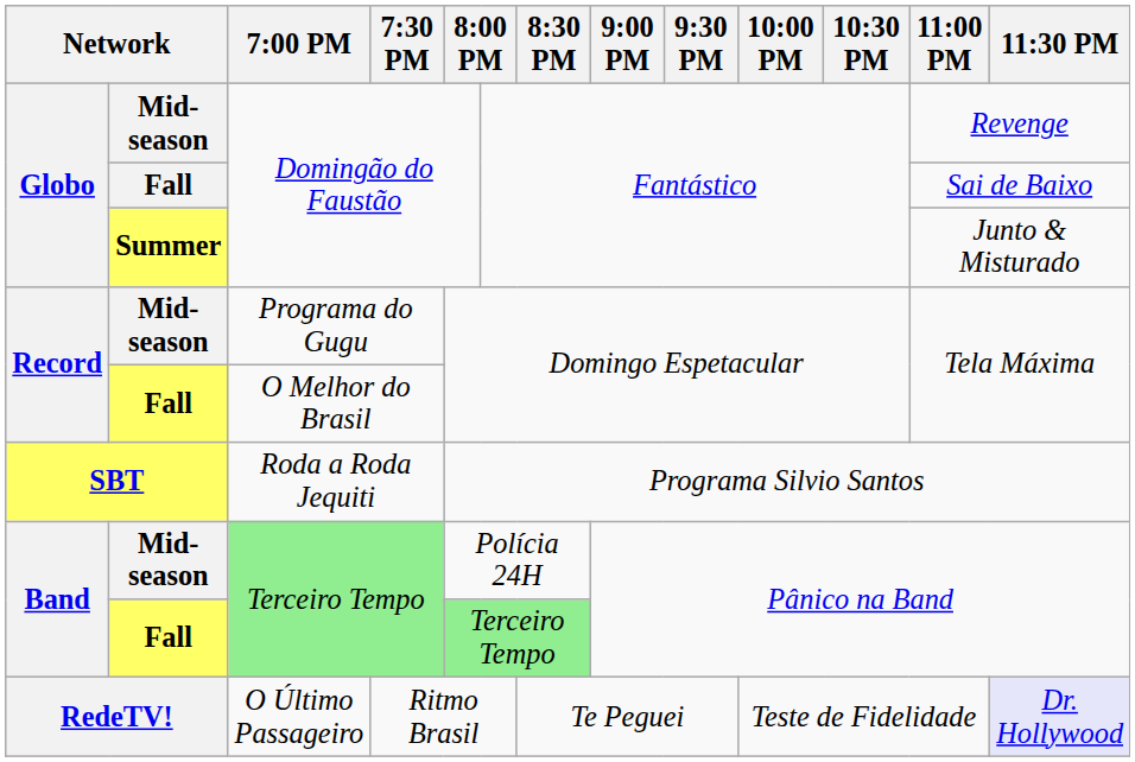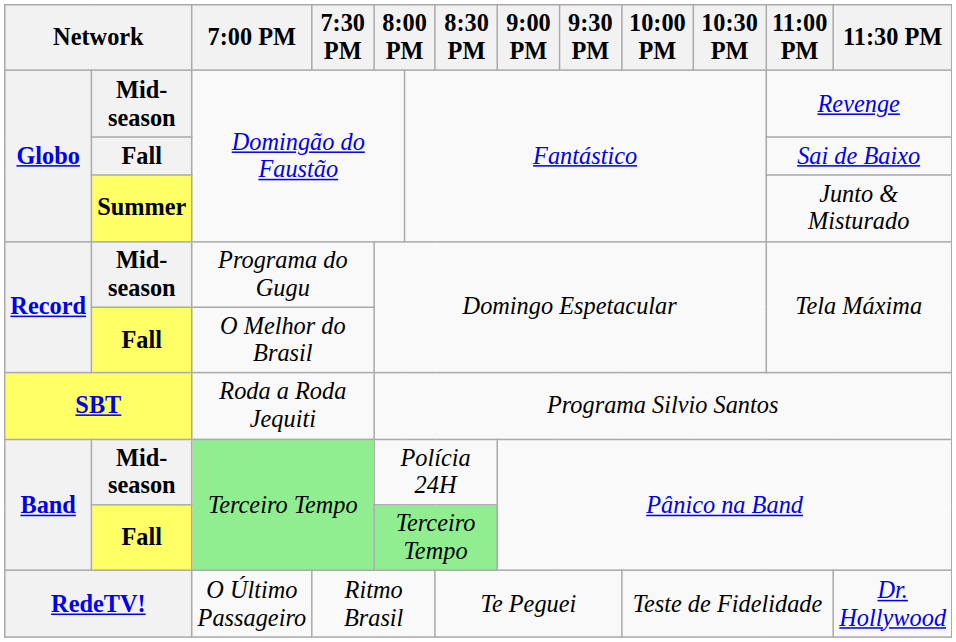 <table class="wikitable" style="width:100%;margin-right:0;text-align:center">
 <tr>
 <th colspan="2" style="width:12%;">Network</th>
 <th style="width:10%;">7:00 PM</th>
 <th style="width:10%;">7:30 PM</th>
 <th colspan="2" ! style="width:10%;">8:00 PM</th>
 <th style="width:10%;">8:30 PM</th>
 <th style="width:10%;">9:00 PM</th>
 <th style="width:10%;">9:30 PM</th>
 <th style="width:10%;">10:00 PM</th>
 <th style="width:10%;">10:30 PM</th>
 <th style="width:10%;">11:00 PM</th>
 <th style="width:10%;">11:30 PM</th>
 </tr>
 <tr>
 <th rowspan="3"><a href='#'>Globo</a></th>
 <th>Mid-season</th>
 <td colspan="3" rowspan="3"><em><a href='#'>Domingão do Faustão</a></em></td>
 <td colspan="6" rowspan="3"><em><a href='#'>Fantástico</a></em></td>
 <td colspan="2"><em><a href='#'>Revenge</a></em></td>
 </tr>
 <tr>
 <th>Fall</th>
 <td colspan="2"><em><a href='#'>Sai de Baixo</a></em></td>
 </tr>
 <tr>
 <th style="background:#FFFF66;">Summer</th>
 <td colspan="2"><em>Junto & Misturado</em></td>
 </tr>
 <tr>
 <th rowspan="2"><a href='#'>Record</a></th>
 <th>Mid-season</th>
 <td colspan="2"><em>Programa do Gugu</em></td>
 <td colspan="7" rowspan="2"><em>Domingo Espetacular</em></td>
 <td colspan="2" rowspan="2"><em>Tela Máxima</em></td>
 </tr>
 <tr>
 <th style="background:#FFFF66;">Fall</th>
 <td colspan="2"><em>O Melhor do Brasil</em></td>
 </tr>
 <tr>
 <th style="background:#FFFF66;" colspan="2"><a href='#'>SBT</a></th>
 <td colspan="2"><em>Roda a Roda Jequiti</em></td>
 <td colspan="9"><em>Programa Silvio Santos</em></td>
 </tr>
 <tr>
 <th rowspan="2"><a href='#'>Band</a></th>
 <th>Mid-season</th>
 <td style="background:lightgreen" rowspan="2" colspan="2"><em>Terceiro Tempo</em></td>
 <td colspan="3"><em>Polícia 24H</em></td>
 <td colspan="6" rowspan="2"><em><a href='#'>Pânico na Band</a></em></td>
 </tr>
 <tr>
 <th style="background:#FFFF66;">Fall</th>
 <td style="background:lightgreen" colspan="3"><em>Terceiro Tempo</em></td>
 </tr>
 <tr>
 <th colspan="2"><a href='#'>RedeTV!</a></th>
 <td colspan="1"><em>O Último Passageiro</em></td>
 <td colspan="3"><em>Ritmo Brasil</em></td>
 <td colspan="3"><em>Te Peguei</em></td>
 <td colspan="3"><em>Teste de Fidelidade</em></td>
-<td colspan="1" style="background: lavender;"><em><a href='#'>Dr. Hollywood</a></em></td>
+<td colspan="1"><em><a href='#'>Dr. Hollywood</a></em></td>
 </tr>
 </table>
